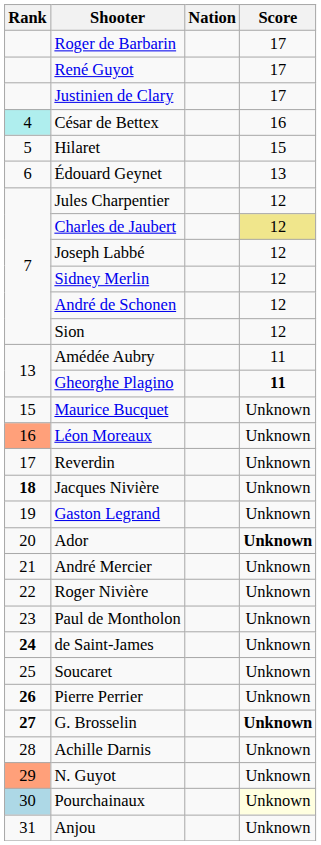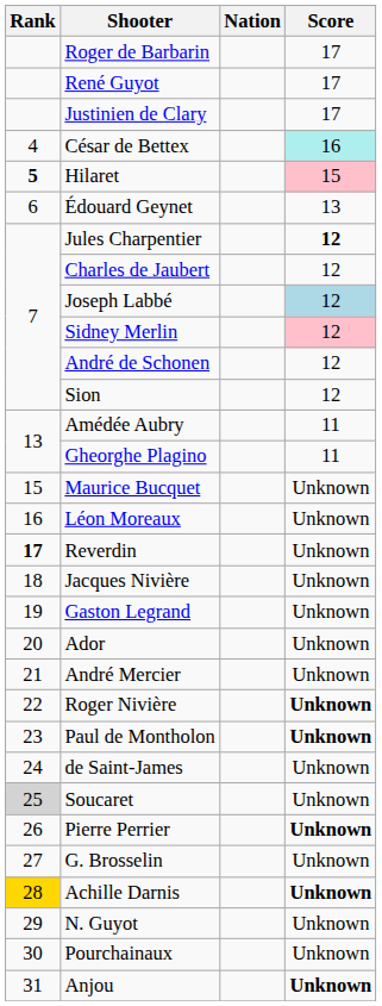 <table class="wikitable sortable" style="text-align:center">
 <tr>
 <th>Rank</th>
 <th>Shooter</th>
 <th>Nation</th>
 <th>Score</th>
 </tr>
 <tr>
 <td></td>
 <td align=left><a href='#'>Roger de Barbarin</a></td>
 <td align=left></td>
 <td>17</td>
 </tr>
 <tr>
 <td></td>
 <td align=left><a href='#'>René Guyot</a></td>
 <td align=left></td>
 <td>17</td>
 </tr>
 <tr>
 <td></td>
 <td align=left><a href='#'>Justinien de Clary</a></td>
 <td align=left></td>
 <td>17</td>
 </tr>
 <tr>
-<td style="background: paleturquoise;">4</td>
+<td>4</td>
 <td align=left>César de Bettex</td>
 <td align=left></td>
-<td>16</td>
+<td style="background: paleturquoise;">16</td>
 </tr>
 <tr>
-<td>5</td>
+<td><strong>5</strong></td>
 <td align=left>Hilaret</td>
 <td align=left></td>
-<td>15</td>
+<td style="background: pink;">15</td>
 </tr>
 <tr>
 <td>6</td>
 <td align=left>Édouard Geynet</td>
 <td align=left></td>
 <td>13</td>
 </tr>
 <tr>
 <td rowspan=6>7</td>
 <td align=left>Jules Charpentier</td>
 <td align=left></td>
-<td>12</td>
+<td><strong>12</strong></td>
 </tr>
 <tr>
 <td align=left><a href='#'>Charles de Jaubert</a></td>
 <td align=left></td>
-<td style="background: khaki;">12</td>
+<td>12</td>
 </tr>
 <tr>
 <td align=left>Joseph Labbé</td>
 <td align=left></td>
-<td>12</td>
+<td style="background: lightblue;">12</td>
 </tr>
 <tr>
 <td align=left><a href='#'>Sidney Merlin</a></td>
 <td align=left></td>
-<td>12</td>
+<td style="background: pink;">12</td>
 </tr>
 <tr>
 <td align=left><a href='#'>André de Schonen</a></td>
 <td align=left></td>
 <td>12</td>
 </tr>
 <tr>
 <td align=left>Sion</td>
 <td align=left></td>
 <td>12</td>
 </tr>
 <tr>
 <td rowspan=2>13</td>
 <td align=left>Amédée Aubry</td>
 <td align=left></td>
 <td>11</td>
 </tr>
 <tr>
 <td align=left><a href='#'>Gheorghe Plagino</a></td>
 <td align=left></td>
-<td><strong>11</strong></td>
+<td>11</td>
 </tr>
 <tr>
 <td>15</td>
 <td align=left><a href='#'>Maurice Bucquet</a></td>
 <td align=left></td>
 <td>Unknown</td>
 </tr>
 <tr>
-<td style="background: lightsalmon;">16</td>
+<td>16</td>
 <td align=left><a href='#'>Léon Moreaux</a></td>
 <td align=left></td>
 <td>Unknown</td>
 </tr>
 <tr>
-<td>17</td>
+<td><strong>17</strong></td>
 <td align=left>Reverdin</td>
 <td align=left></td>
 <td>Unknown</td>
 </tr>
 <tr>
-<td><strong>18</strong></td>
+<td>18</td>
 <td align=left>Jacques Nivière</td>
 <td align=left></td>
 <td>Unknown</td>
 </tr>
 <tr>
 <td>19</td>
 <td align=left><a href='#'>Gaston Legrand</a></td>
 <td align=left></td>
 <td>Unknown</td>
 </tr>
 <tr>
 <td>20</td>
 <td align=left>Ador</td>
 <td align=left></td>
-<td><strong>Unknown</strong></td>
+<td>Unknown</td>
 </tr>
 <tr>
 <td>21</td>
 <td align=left>André Mercier</td>
 <td align=left></td>
 <td>Unknown</td>
 </tr>
 <tr>
 <td>22</td>
 <td align=left>Roger Nivière</td>
 <td align=left></td>
-<td>Unknown</td>
+<td><strong>Unknown</strong></td>
 </tr>
 <tr>
 <td>23</td>
 <td align=left>Paul de Montholon</td>
 <td align=left></td>
-<td>Unknown</td>
+<td><strong>Unknown</strong></td>
 </tr>
 <tr>
-<td><strong>24</strong></td>
+<td>24</td>
 <td align=left>de Saint-James</td>
 <td align=left></td>
 <td>Unknown</td>
 </tr>
 <tr>
-<td>25</td>
+<td style="background: lightgrey;">25</td>
 <td align=left>Soucaret</td>
 <td align=left></td>
 <td>Unknown</td>
 </tr>
 <tr>
-<td><strong>26</strong></td>
+<td>26</td>
 <td align=left>Pierre Perrier</td>
+<td align=left></td>
+<td><strong>Unknown</strong></td>
+</tr>
+<tr>
+<td>27</td>
+<td align=left>G. Brosselin</td>
 <td align=left></td>
 <td>Unknown</td>
 </tr>
 <tr>
-<td><strong>27</strong></td>
-<td align=left>G. Brosselin</td>
+<td style="background: gold;">28</td>
+<td align=left>Achille Darnis</td>
 <td align=left></td>
 <td><strong>Unknown</strong></td>
 </tr>
 <tr>
-<td>28</td>
-<td align=left>Achille Darnis</td>
-<td align=left></td>
-<td>Unknown</td>
-</tr>
-<tr>
-<td style="background: lightsalmon;">29</td>
+<td>29</td>
 <td align=left>N. Guyot</td>
 <td align=left></td>
 <td>Unknown</td>
 </tr>
 <tr>
-<td style="background: lightblue;">30</td>
+<td>30</td>
 <td align=left>Pourchainaux</td>
 <td align=left></td>
-<td style="background: lightyellow;">Unknown</td>
+<td>Unknown</td>
 </tr>
 <tr>
 <td>31</td>
 <td align=left>Anjou</td>
 <td align=left></td>
-<td>Unknown</td>
+<td><strong>Unknown</strong></td>
 </tr>
 </table>
